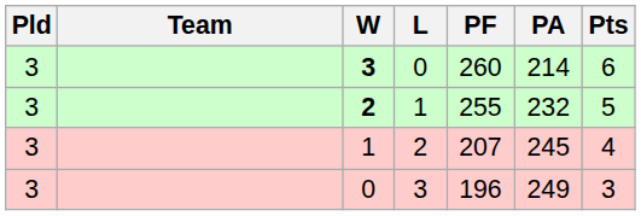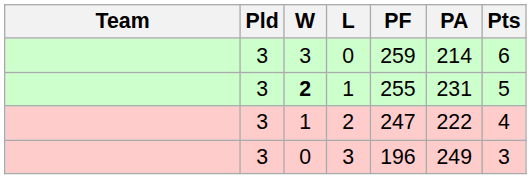 <table class="wikitable" style="text-align:center;">
 <tr>
+<th width=170>Team</th>
 <th width=25>Pld</th>
-<th width=170>Team</th>
 <th width=25>W</th>
 <th width=25>L</th>
 <th width=35>PF</th>
 <th width=35>PA</th>
 <th width=25>Pts</th>
 </tr>
 <tr bgcolor=#ccffcc>
+<td align="left"></td>
 <td>3</td>
-<td align="left"></td>
-<td><strong>3</strong></td>
+<td>3</td>
 <td>0</td>
-<td>260</td>
+<td>259</td>
 <td>214</td>
 <td>6</td>
 </tr>
 <tr bgcolor=#ccffcc>
+<td align="left"></td>
 <td>3</td>
-<td align="left"></td>
 <td><strong>2</strong></td>
 <td>1</td>
 <td>255</td>
-<td>232</td>
+<td>231</td>
 <td>5</td>
 </tr>
 <tr bgcolor=#ffcccc>
+<td align="left"></td>
 <td>3</td>
-<td align="left"></td>
 <td>1</td>
 <td>2</td>
-<td>207</td>
-<td>245</td>
+<td>247</td>
+<td>222</td>
 <td>4</td>
 </tr>
 <tr bgcolor=#ffcccc>
+<td align="left"></td>
 <td>3</td>
-<td align="left"></td>
 <td>0</td>
 <td>3</td>
 <td>196</td>
 <td>249</td>
 <td>3</td>
 </tr>
 </table>
